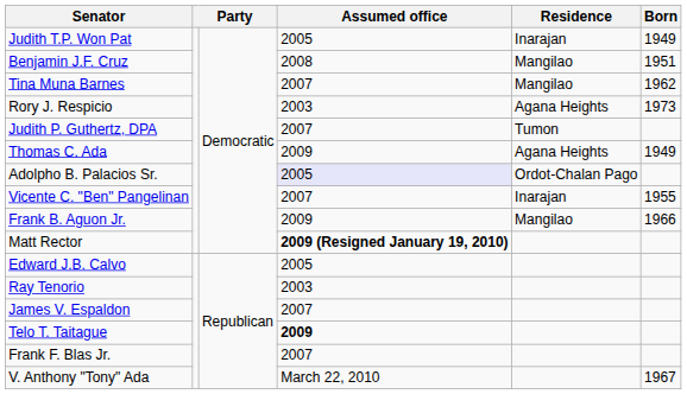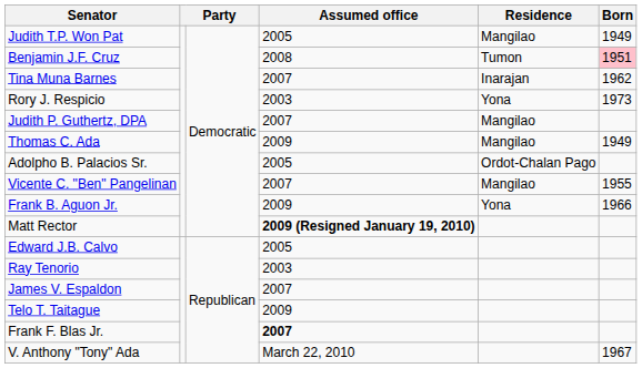 <table class="wikitable sortable" id="votingmembers">
 <tr style="vertical-align:bottom;">
 <th>Senator</th>
 <th colspan=2>Party</th>
 <th>Assumed office</th>
 <th>Residence</th>
 <th>Born</th>
 </tr>
 <tr>
 <td><a href='#'>Judith T.P. Won Pat</a></td>
 <td rowspan="10" style="background-color:"></td>
 <td rowspan="10">Democratic</td>
 <td>2005</td>
-<td>Inarajan</td>
+<td>Mangilao</td>
 <td>1949</td>
 </tr>
 <tr>
 <td><a href='#'>Benjamin J.F. Cruz</a></td>
 <td>2008</td>
-<td>Mangilao</td>
-<td>1951</td>
+<td>Tumon</td>
+<td style="background: pink;">1951</td>
 </tr>
 <tr>
 <td><a href='#'>Tina Muna Barnes</a></td>
 <td>2007</td>
-<td>Mangilao</td>
+<td>Inarajan</td>
 <td>1962</td>
 </tr>
 <tr>
 <td>Rory J. Respicio</td>
 <td>2003</td>
-<td>Agana Heights</td>
+<td>Yona</td>
 <td>1973</td>
 </tr>
 <tr>
 <td><a href='#'>Judith P. Guthertz, DPA</a></td>
 <td>2007</td>
-<td>Tumon</td>
+<td>Mangilao</td>
 <td></td>
 </tr>
 <tr>
 <td><a href='#'>Thomas C. Ada</a></td>
 <td>2009</td>
-<td>Agana Heights</td>
+<td>Mangilao</td>
 <td>1949</td>
 </tr>
 <tr>
 <td>Adolpho B. Palacios Sr.</td>
-<td style="background: lavender;">2005</td>
+<td>2005</td>
 <td>Ordot-Chalan Pago</td>
 <td></td>
 </tr>
 <tr>
 <td><a href='#'>Vicente C. "Ben" Pangelinan</a></td>
 <td>2007</td>
-<td>Inarajan</td>
+<td>Mangilao</td>
 <td>1955</td>
 </tr>
 <tr>
 <td><a href='#'>Frank B. Aguon Jr.</a></td>
 <td>2009</td>
-<td>Mangilao</td>
+<td>Yona</td>
 <td>1966</td>
 </tr>
 <tr>
 <td>Matt Rector</td>
 <td><strong>2009 (Resigned January 19, 2010)</strong></td>
 <td></td>
 <td></td>
 </tr>
 <tr>
 <td><a href='#'>Edward J.B. Calvo</a></td>
 <td rowspan="6" style="background-color:"></td>
 <td rowspan="6">Republican</td>
 <td>2005</td>
 <td></td>
 <td></td>
 </tr>
 <tr>
 <td><a href='#'>Ray Tenorio</a></td>
 <td>2003</td>
 <td></td>
 <td></td>
 </tr>
 <tr>
 <td><a href='#'>James V. Espaldon</a></td>
 <td>2007</td>
 <td></td>
 <td></td>
 </tr>
 <tr>
 <td><a href='#'>Telo T. Taitague</a></td>
-<td><strong>2009</strong></td>
+<td>2009</td>
 <td></td>
 <td></td>
 </tr>
 <tr>
 <td>Frank F. Blas Jr.</td>
-<td>2007</td>
+<td><strong>2007</strong></td>
 <td></td>
 <td></td>
 </tr>
 <tr>
 <td>V. Anthony "Tony" Ada</td>
 <td>March 22, 2010</td>
 <td></td>
 <td>1967</td>
 </tr>
 </table>
